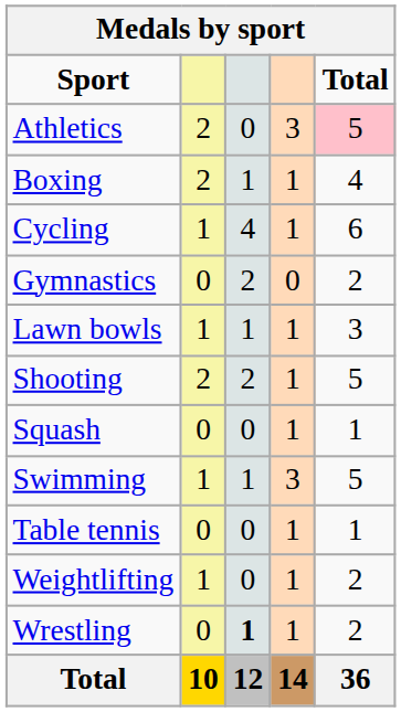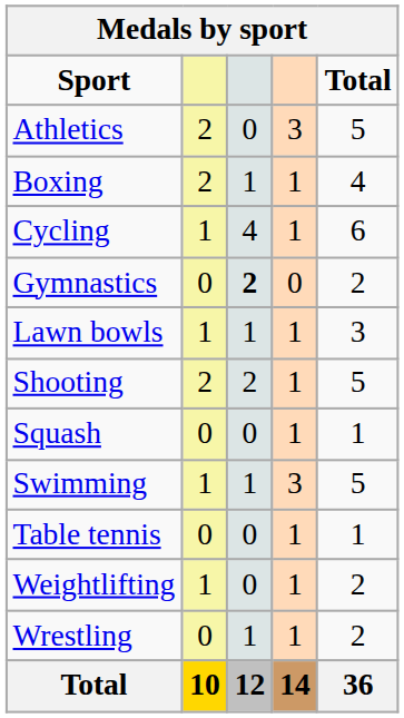 <table class="wikitable" style="font-size:85%;float:right;text-align:center">
 <tr>
 <th colspan=5>Medals by sport</th>
 </tr>
 <tr align=center>
 <td><strong>Sport</strong></td>
 <td bgcolor=#f7f6a8></td>
 <td bgcolor=#dce5e5></td>
 <td bgcolor=#ffdab9></td>
 <td><strong>Total</strong></td>
 </tr>
 <tr align=center>
 <td align=left><a href='#'>Athletics</a></td>
 <td bgcolor=#f7f6a8>2</td>
 <td bgcolor=#dce5e5>0</td>
 <td bgcolor=#ffdab9>3</td>
-<td style="background: pink;">5</td>
+<td>5</td>
 </tr>
 <tr align=center>
 <td align=left><a href='#'>Boxing</a></td>
 <td bgcolor=#f7f6a8>2</td>
 <td bgcolor=#dce5e5>1</td>
 <td bgcolor=#ffdab9>1</td>
 <td>4</td>
 </tr>
 <tr align=center>
 <td align=left><a href='#'>Cycling</a></td>
 <td bgcolor=#f7f6a8>1</td>
 <td bgcolor=#dce5e5>4</td>
 <td bgcolor=#ffdab9>1</td>
 <td>6</td>
 </tr>
 <tr align=center>
 <td align=left><a href='#'>Gymnastics</a></td>
 <td bgcolor=#f7f6a8>0</td>
-<td bgcolor=#dce5e5>2</td>
+<td bgcolor=#dce5e5><strong>2</strong></td>
 <td bgcolor=#ffdab9>0</td>
 <td>2</td>
 </tr>
 <tr align=center>
 <td align=left><a href='#'>Lawn bowls</a></td>
 <td bgcolor=#f7f6a8>1</td>
 <td bgcolor=#dce5e5>1</td>
 <td bgcolor=#ffdab9>1</td>
 <td>3</td>
 </tr>
 <tr align=center>
 <td align=left><a href='#'>Shooting</a></td>
 <td bgcolor=#f7f6a8>2</td>
 <td bgcolor=#dce5e5>2</td>
 <td bgcolor=#ffdab9>1</td>
 <td>5</td>
 </tr>
 <tr align=center>
 <td align=left><a href='#'>Squash</a></td>
 <td bgcolor=#f7f6a8>0</td>
 <td bgcolor=#dce5e5>0</td>
 <td bgcolor=#ffdab9>1</td>
 <td>1</td>
 </tr>
 <tr align=center>
 <td align=left><a href='#'>Swimming</a></td>
 <td bgcolor=#f7f6a8>1</td>
 <td bgcolor=#dce5e5>1</td>
 <td bgcolor=#ffdab9>3</td>
 <td>5</td>
 </tr>
 <tr align=center>
 <td align=left><a href='#'>Table tennis</a></td>
 <td bgcolor=#f7f6a8>0</td>
 <td bgcolor=#dce5e5>0</td>
 <td bgcolor=#ffdab9>1</td>
 <td>1</td>
 </tr>
 <tr align=center>
 <td align=left><a href='#'>Weightlifting</a></td>
 <td bgcolor=#f7f6a8>1</td>
 <td bgcolor=#dce5e5>0</td>
 <td bgcolor=#ffdab9>1</td>
 <td>2</td>
 </tr>
 <tr align=center>
 <td align=left><a href='#'>Wrestling</a></td>
 <td bgcolor=#f7f6a8>0</td>
-<td bgcolor=#dce5e5><strong>1</strong></td>
+<td bgcolor=#dce5e5>1</td>
 <td bgcolor=#ffdab9>1</td>
 <td>2</td>
 </tr>
 <tr align=center>
 <th bgcolor=#efefef>Total</th>
 <th style="background:gold;">10</th>
 <th style="background:silver;">12</th>
 <th style="background:#c96;">14</th>
 <th>36</th>
 </tr>
 </table>
